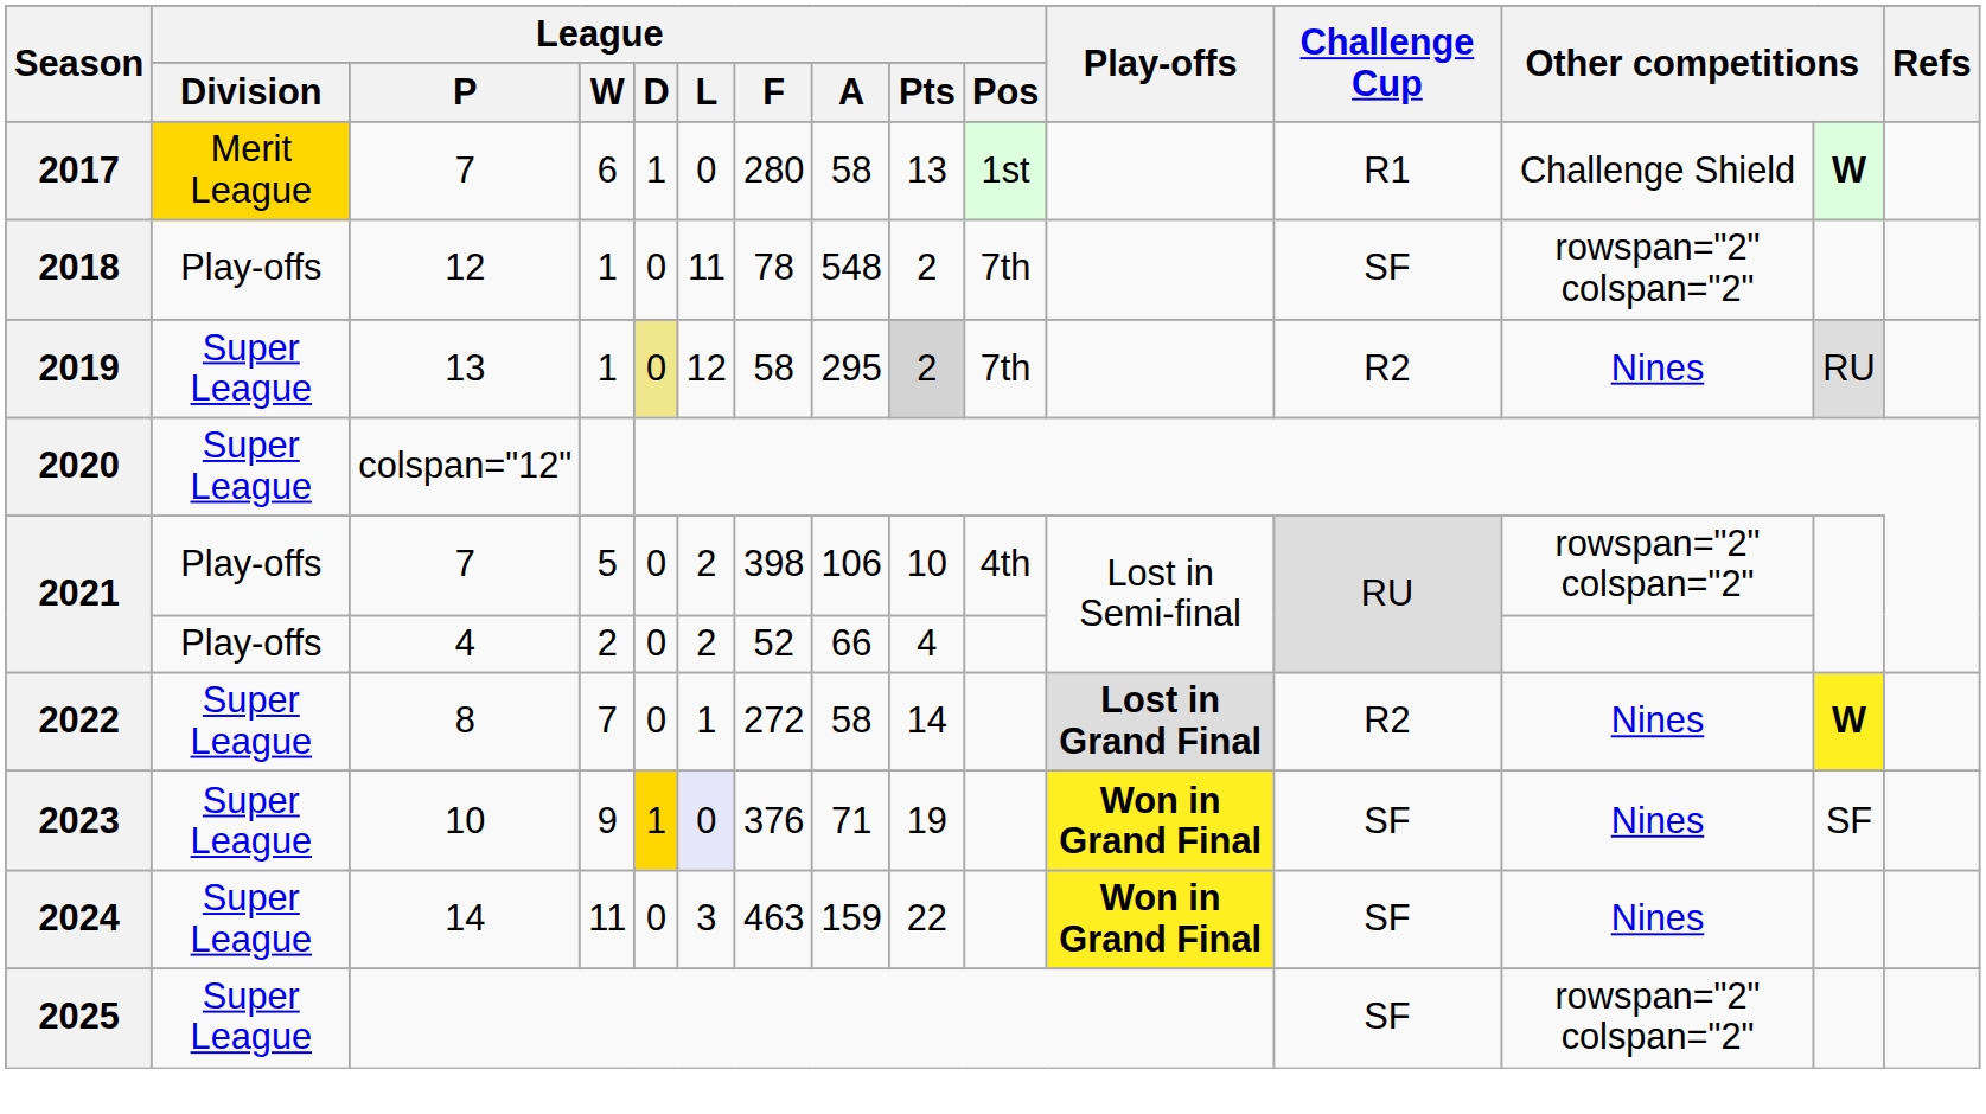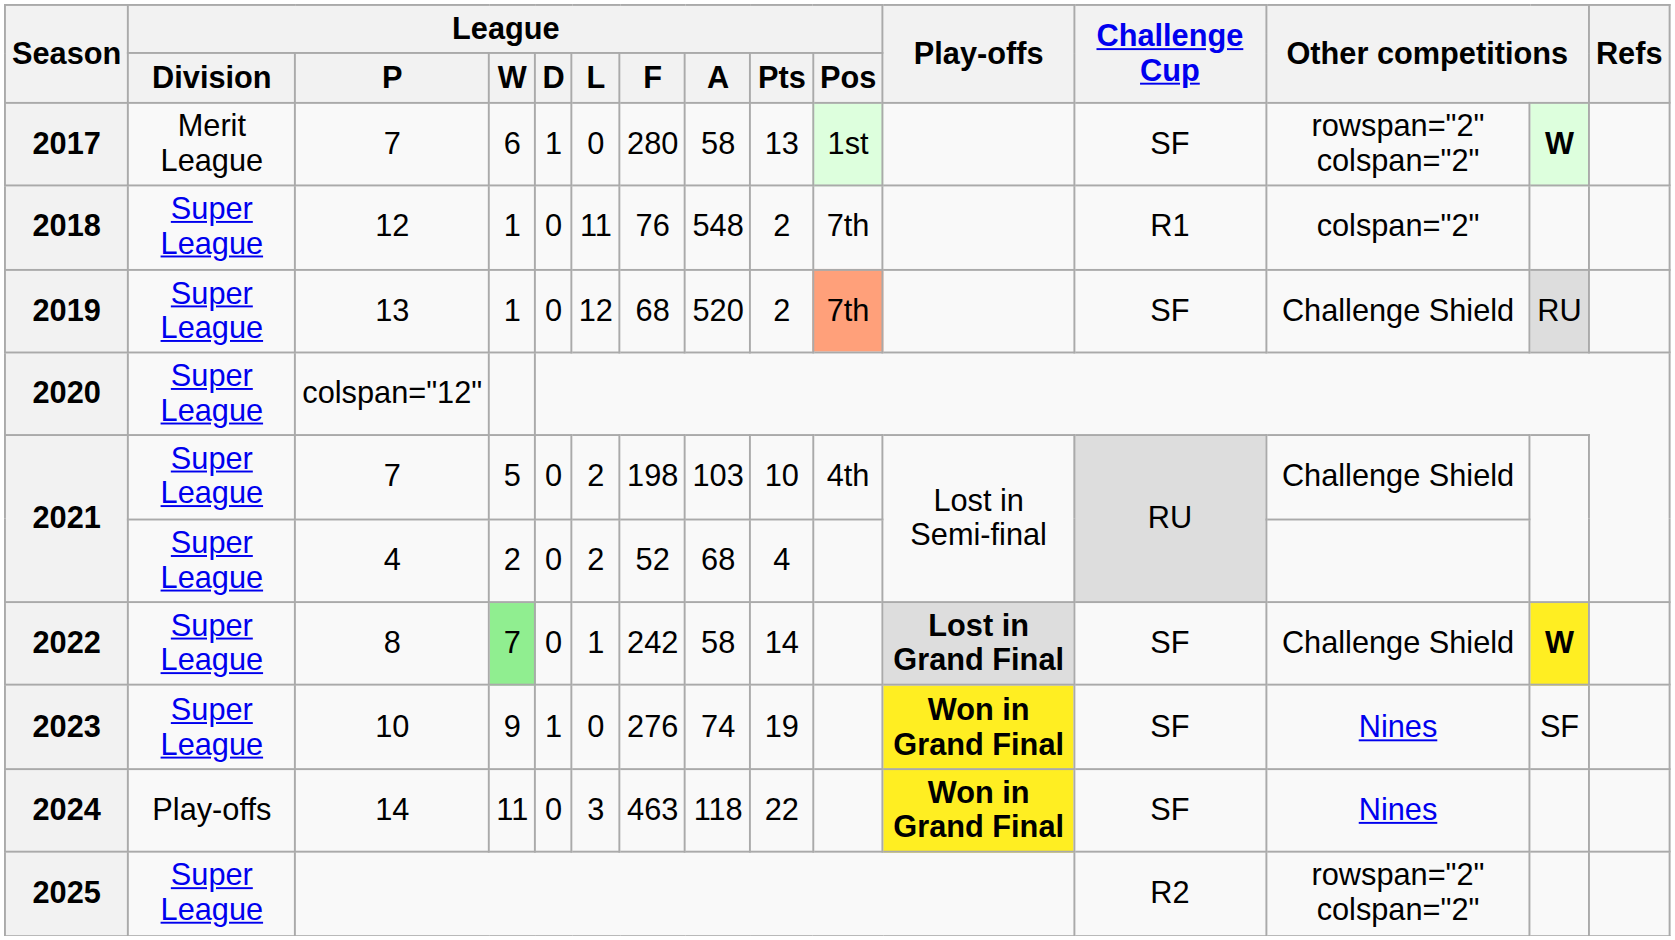 <table class="wikitable" style="text-align: center">
 <tr>
 <th rowspan="2" scope="col">Season</th>
 <th colspan="9" scope="col">League</th>
 <th rowspan="2" scope="col">Play-offs</th>
 <th rowspan="2" scope="col"><a href='#'>Challenge Cup</a></th>
 <th colspan="2" rowspan="2" scope="col">Other competitions</th>
 <th rowspan="2" scope="col">Refs</th>
 </tr>
 <tr>
 <th scope="col">Division</th>
 <th scope="col">P</th>
 <th scope="col">W</th>
 <th scope="col">D</th>
 <th scope="col">L</th>
 <th scope="col">F</th>
 <th scope="col">A</th>
 <th scope="col">Pts</th>
 <th scope="col">Pos</th>
 </tr>
 <tr>
 <th scope="row">2017</th>
-<td style="background: gold;">Merit League</td>
+<td>Merit League</td>
 <td>7</td>
 <td>6</td>
 <td>1</td>
 <td>0</td>
 <td>280</td>
 <td>58</td>
 <td>13</td>
 <td style="background:#ddffdd;">1st</td>
 <td></td>
-<td>R1</td>
-<td>Challenge Shield</td>
+<td>SF</td>
+<td>rowspan="2" colspan="2" </td>
 <td style="background:#ddffdd;"><strong>W</strong></td>
 <td></td>
 </tr>
 <tr>
 <th scope="row">2018</th>
-<td>Play-offs</td>
+<td><a href='#'>Super League</a></td>
 <td>12</td>
 <td>1</td>
 <td>0</td>
 <td>11</td>
-<td>78</td>
+<td>76</td>
 <td>548</td>
 <td>2</td>
 <td>7th</td>
 <td></td>
-<td>SF</td>
-<td>rowspan="2" colspan="2" </td>
+<td>R1</td>
+<td>colspan="2" </td>
 <td></td>
 </tr>
 <tr>
 <th scope="row">2019</th>
 <td><a href='#'>Super League</a></td>
 <td>13</td>
 <td>1</td>
-<td style="background: khaki;">0</td>
+<td>0</td>
 <td>12</td>
-<td>58</td>
-<td>295</td>
-<td style="background: lightgrey;">2</td>
-<td>7th</td>
+<td>68</td>
+<td>520</td>
+<td>2</td>
+<td style="background: lightsalmon;">7th</td>
 <td></td>
-<td>R2</td>
-<td><a href='#'>Nines</a></td>
+<td>SF</td>
+<td>Challenge Shield</td>
 <td style="background-color:#DDD">RU</td>
 <td></td>
 </tr>
 <tr>
 <th scope="row">2020</th>
 <td><a href='#'>Super League</a></td>
 <td>colspan="12"</td>
 <td></td>
 </tr>
 <tr>
 <th scope="row" rowspan="2">2021</th>
-<td>Play-offs</td>
+<td><a href='#'>Super League</a></td>
 <td>7</td>
 <td>5</td>
 <td>0</td>
 <td>2</td>
-<td>398</td>
-<td>106</td>
+<td>198</td>
+<td>103</td>
 <td>10</td>
 <td>4th</td>
 <td rowspan="2">Lost in Semi-final</td>
 <td style="background-color:#DDD" rowspan="2">RU</td>
-<td>rowspan="2" colspan="2" </td>
+<td>Challenge Shield</td>
 <td rowspan="2"></td>
 </tr>
 <tr>
-<td>Play-offs</td>
+<td><a href='#'>Super League</a></td>
 <td>4</td>
 <td>2</td>
 <td>0</td>
 <td>2</td>
 <td>52</td>
-<td>66</td>
+<td>68</td>
 <td>4</td>
 <td></td>
 </tr>
 <tr>
 <th scope="row">2022</th>
 <td><a href='#'>Super League</a></td>
 <td>8</td>
-<td>7</td>
+<td style="background: lightgreen;">7</td>
 <td>0</td>
 <td>1</td>
-<td>272</td>
+<td>242</td>
 <td>58</td>
 <td>14</td>
 <td></td>
 <td style="background-color:#DDD"><strong>Lost in Grand Final</strong></td>
-<td>R2</td>
-<td><a href='#'>Nines</a></td>
+<td>SF</td>
+<td>Challenge Shield</td>
 <td style="background-color:#FE2"><strong>W</strong></td>
 <td></td>
 </tr>
 <tr>
 <th scope="row">2023</th>
 <td><a href='#'>Super League</a></td>
 <td>10</td>
 <td>9</td>
-<td style="background: gold;">1</td>
-<td style="background: lavender;">0</td>
-<td>376</td>
-<td>71</td>
+<td>1</td>
+<td>0</td>
+<td>276</td>
+<td>74</td>
 <td>19</td>
 <td></td>
 <td style="background-color:#FE2"><strong>Won in Grand Final</strong></td>
 <td>SF</td>
 <td><a href='#'>Nines</a></td>
 <td>SF</td>
 <td></td>
 </tr>
 <tr>
 <th scope="row">2024</th>
-<td><a href='#'>Super League</a></td>
+<td>Play-offs</td>
 <td>14</td>
 <td>11</td>
 <td>0</td>
 <td>3</td>
 <td>463</td>
-<td>159</td>
+<td>118</td>
 <td>22</td>
 <td></td>
 <td style="background-color:#FE2"><strong>Won in Grand Final</strong></td>
 <td>SF</td>
 <td><a href='#'>Nines</a></td>
 <td></td>
 <td></td>
 </tr>
 <tr>
 <th scope="row">2025</th>
 <td><a href='#'>Super League</a></td>
 <td colspan=9></td>
-<td>SF</td>
+<td>R2</td>
 <td>rowspan="2" colspan="2" </td>
 <td></td>
 </tr>
 </table>
